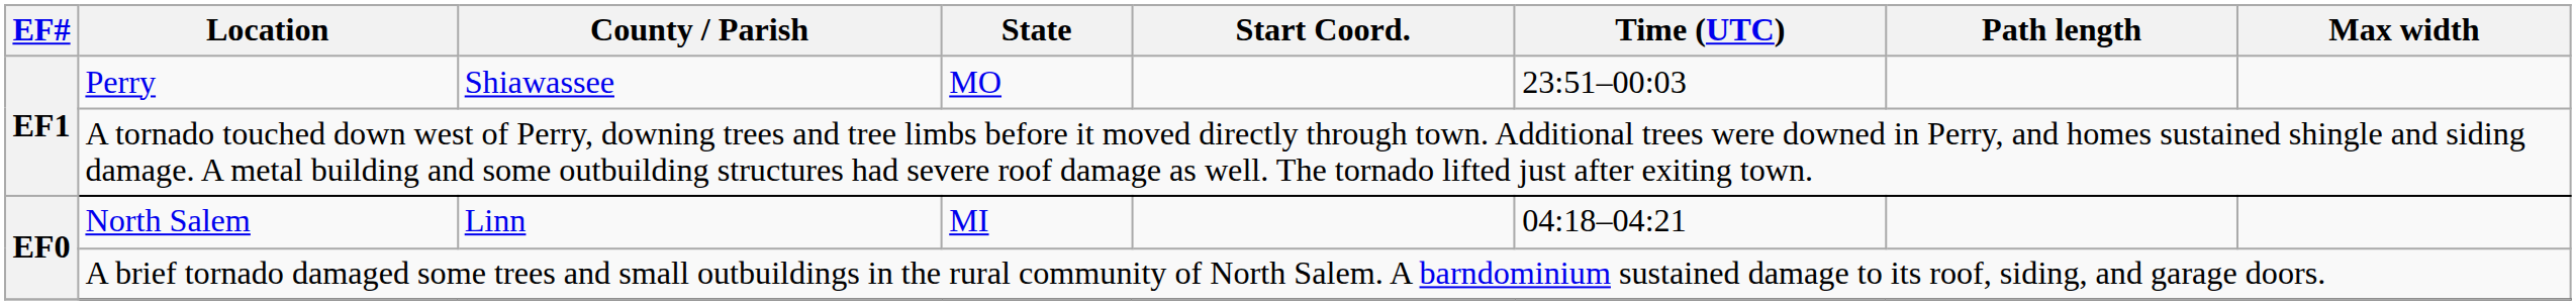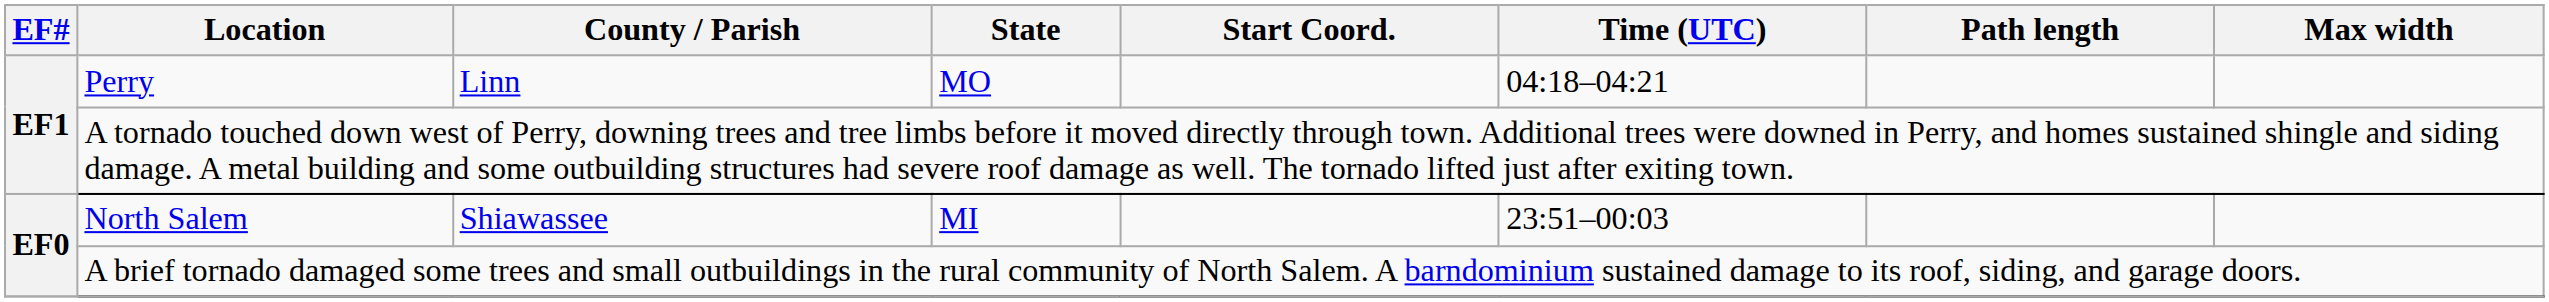 <table class="wikitable sortable" style="width:100%;">
 <tr>
 <th scope="col" width="2%" align="center"><a href='#'>EF#</a></th>
 <th scope="col" align="center" class="unsortable">Location</th>
 <th scope="col" align="center" class="unsortable">County / Parish</th>
 <th scope="col" align="center">State</th>
 <th scope="col" align="center">Start Coord.</th>
 <th scope="col" align="center">Time (<a href='#'>UTC</a>)</th>
 <th scope="col" align="center">Path length</th>
 <th scope="col" align="center">Max width</th>
 </tr>
 <tr>
 <th scope="row" rowspan="2" style="background-color:#">EF1</th>
 <td><a href='#'>Perry</a></td>
-<td><a href='#'>Shiawassee</a></td>
+<td><a href='#'>Linn</a></td>
 <td><a href='#'>MO</a></td>
 <td></td>
-<td>23:51–00:03</td>
+<td>04:18–04:21</td>
 <td></td>
 <td></td>
 </tr>
 <tr class="expand-child">
 <td colspan="8" style=" border-bottom: 1px solid black;">A tornado touched down west of Perry, downing trees and tree limbs before it moved directly through town. Additional trees were downed in Perry, and homes sustained shingle and siding damage. A metal building and some outbuilding structures had severe roof damage as well. The tornado lifted just after exiting town.</td>
 </tr>
 <tr>
 <th scope="row" rowspan="2" style="background-color:#">EF0</th>
 <td><a href='#'>North Salem</a></td>
-<td><a href='#'>Linn</a></td>
+<td><a href='#'>Shiawassee</a></td>
 <td><a href='#'>MI</a></td>
 <td></td>
-<td>04:18–04:21</td>
+<td>23:51–00:03</td>
 <td></td>
 <td></td>
 </tr>
 <tr class="expand-child">
 <td colspan="8" style=" border-bottom: 1px solid black;">A brief tornado damaged some trees and small outbuildings in the rural community of North Salem. A <a href='#'>barndominium</a> sustained damage to its roof, siding, and garage doors.</td>
 </tr>
 <tr>
 </tr>
 </table>
